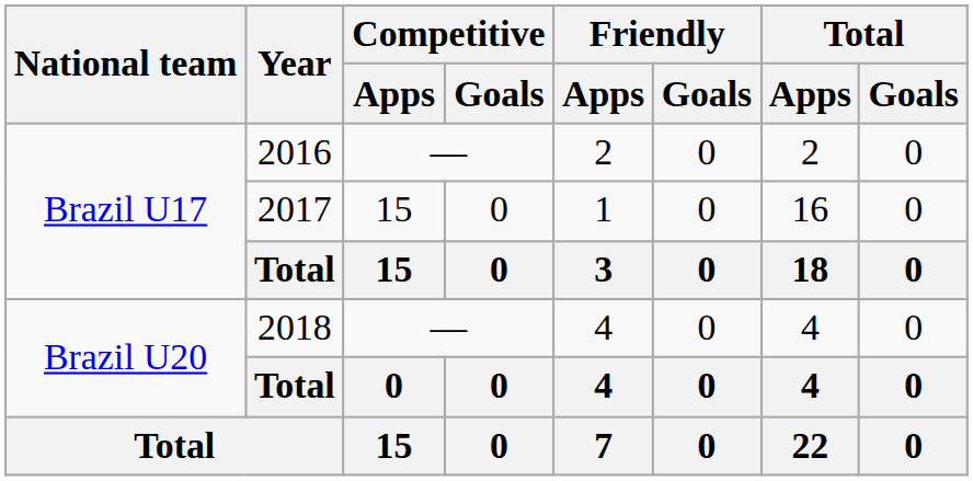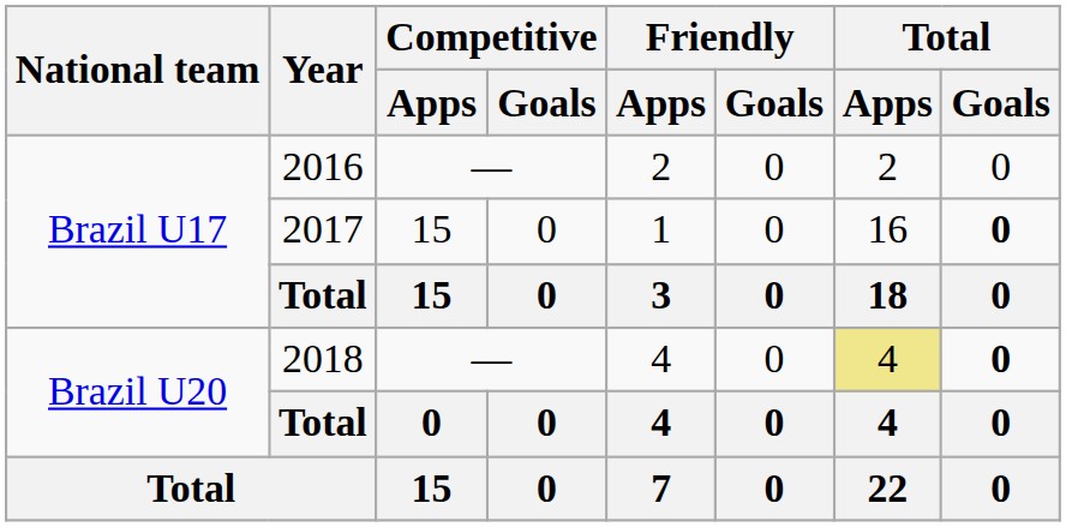 <table class="wikitable" style="text-align:center">
 <tr>
 <th rowspan=2>National team</th>
 <th rowspan=2>Year</th>
 <th colspan=2>Competitive</th>
 <th colspan=2>Friendly</th>
 <th colspan=2>Total</th>
 </tr>
 <tr>
 <th>Apps</th>
 <th>Goals</th>
 <th>Apps</th>
 <th>Goals</th>
 <th>Apps</th>
 <th>Goals</th>
 </tr>
 <tr>
 <td rowspan=3><a href='#'>Brazil U17</a></td>
 <td>2016</td>
 <td colspan=2>—</td>
 <td>2</td>
 <td>0</td>
 <td>2</td>
 <td>0</td>
 </tr>
 <tr>
 <td>2017</td>
 <td>15</td>
 <td>0</td>
 <td>1</td>
 <td>0</td>
 <td>16</td>
-<td>0</td>
+<td><strong>0</strong></td>
 </tr>
 <tr>
 <th>Total</th>
 <th>15</th>
 <th>0</th>
 <th>3</th>
 <th>0</th>
 <th>18</th>
 <th>0</th>
 </tr>
 <tr>
 <td rowspan=2><a href='#'>Brazil U20</a></td>
 <td>2018</td>
 <td colspan=2>—</td>
 <td>4</td>
 <td>0</td>
-<td>4</td>
-<td>0</td>
+<td style="background: khaki;">4</td>
+<td><strong>0</strong></td>
 </tr>
 <tr>
 <th>Total</th>
 <th>0</th>
 <th>0</th>
 <th>4</th>
 <th>0</th>
 <th>4</th>
 <th>0</th>
 </tr>
 <tr>
 <th colspan=2>Total</th>
 <th>15</th>
 <th>0</th>
 <th>7</th>
 <th>0</th>
 <th>22</th>
 <th>0</th>
 </tr>
 </table>
